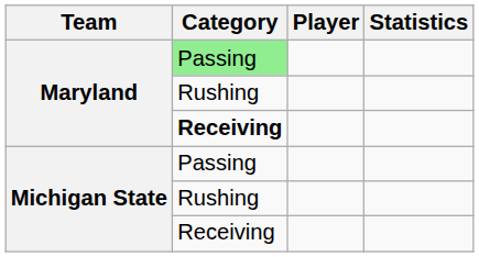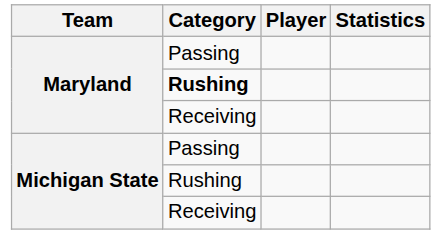 <table class="wikitable" style="float:right">
 <tr>
 <th>Team</th>
 <th>Category</th>
 <th>Player</th>
 <th>Statistics</th>
 </tr>
 <tr>
 <th rowspan=3>Maryland</th>
-<td style="background: lightgreen;">Passing</td>
+<td>Passing</td>
 <td></td>
 <td></td>
 </tr>
 <tr>
-<td>Rushing</td>
+<td><strong>Rushing</strong></td>
 <td></td>
 <td></td>
 </tr>
 <tr>
-<td><strong>Receiving</strong></td>
+<td>Receiving</td>
 <td></td>
 <td></td>
 </tr>
 <tr>
 <th rowspan=3>Michigan State</th>
 <td>Passing</td>
 <td></td>
 <td></td>
 </tr>
 <tr>
 <td>Rushing</td>
 <td></td>
 <td></td>
 </tr>
 <tr>
 <td>Receiving</td>
 <td></td>
 <td></td>
 </tr>
 </table>
